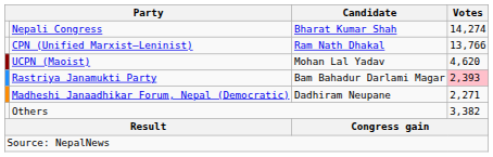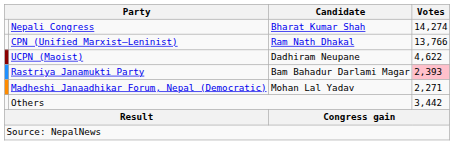 <table class="wikitable">
 <tr>
 <th colspan="2">Party</th>
 <th>Candidate</th>
 <th>Votes</th>
 </tr>
 <tr>
 <td style="background-color:"></td>
 <td><a href='#'>Nepali Congress</a></td>
 <td><a href='#'>Bharat Kumar Shah</a></td>
 <td>14,274</td>
 </tr>
 <tr>
 <td style="background-color:"></td>
 <td><a href='#'>CPN (Unified Marxist–Leninist)</a></td>
 <td><a href='#'>Ram Nath Dhakal</a></td>
 <td>13,766</td>
 </tr>
 <tr>
 <td style="background-color:darkred"></td>
 <td><a href='#'>UCPN (Maoist)</a></td>
-<td>Mohan Lal Yadav</td>
-<td>4,620</td>
+<td>Dadhiram Neupane</td>
+<td>4,622</td>
 </tr>
 <tr>
 <td style="background-color:dodgerblue"></td>
 <td><a href='#'>Rastriya Janamukti Party</a></td>
 <td>Bam Bahadur Darlami Magar</td>
 <td style="background: pink;">2,393</td>
 </tr>
 <tr>
 <td style="background-color:darkorange"></td>
 <td><a href='#'>Madheshi Janaadhikar Forum, Nepal (Democratic)</a></td>
-<td>Dadhiram Neupane</td>
+<td>Mohan Lal Yadav</td>
 <td>2,271</td>
 </tr>
 <tr>
 <td></td>
 <td colspan="2">Others</td>
-<td>3,382</td>
+<td>3,442</td>
 </tr>
 <tr>
 <th colspan="2">Result</th>
 <th colspan="2">Congress gain</th>
 </tr>
 <tr>
 <td colspan="4">Source: NepalNews</td>
 </tr>
 </table>
